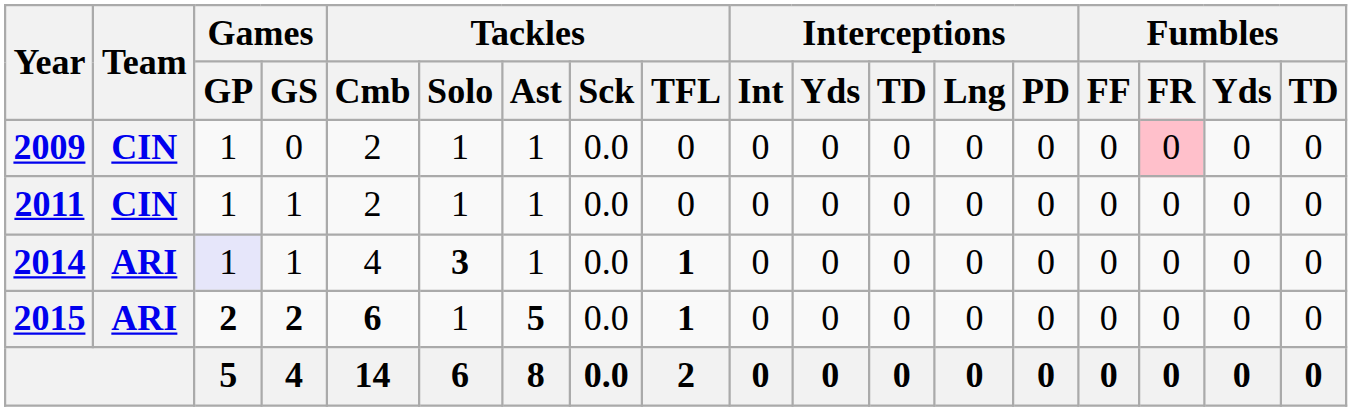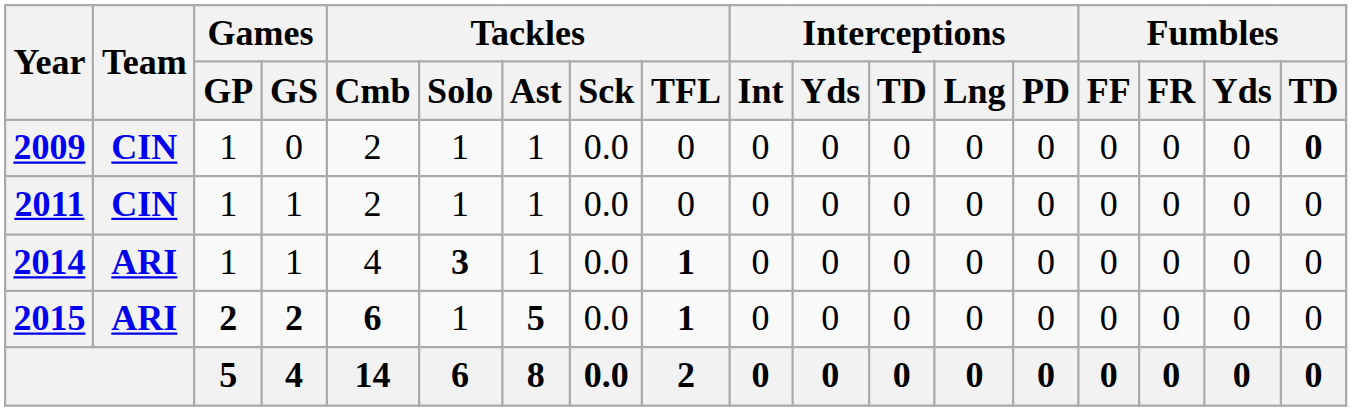 <table class="wikitable" style="text-align:center">
 <tr>
 <th rowspan="2">Year</th>
 <th rowspan="2">Team</th>
 <th colspan="2">Games</th>
 <th colspan="5">Tackles</th>
 <th colspan="5">Interceptions</th>
 <th colspan="4">Fumbles</th>
 </tr>
 <tr>
 <th>GP</th>
 <th>GS</th>
 <th>Cmb</th>
 <th>Solo</th>
 <th>Ast</th>
 <th>Sck</th>
 <th>TFL</th>
 <th>Int</th>
 <th>Yds</th>
 <th>TD</th>
 <th>Lng</th>
 <th>PD</th>
 <th>FF</th>
 <th>FR</th>
 <th>Yds</th>
 <th>TD</th>
 </tr>
 <tr>
 <th><a href='#'>2009</a></th>
 <th><a href='#'>CIN</a></th>
 <td>1</td>
 <td>0</td>
 <td>2</td>
 <td>1</td>
 <td>1</td>
 <td>0.0</td>
 <td>0</td>
 <td>0</td>
 <td>0</td>
 <td>0</td>
 <td>0</td>
 <td>0</td>
 <td>0</td>
-<td style="background: pink;">0</td>
 <td>0</td>
 <td>0</td>
+<td><strong>0</strong></td>
 </tr>
 <tr>
 <th><a href='#'>2011</a></th>
 <th><a href='#'>CIN</a></th>
 <td>1</td>
 <td>1</td>
 <td>2</td>
 <td>1</td>
 <td>1</td>
 <td>0.0</td>
 <td>0</td>
 <td>0</td>
 <td>0</td>
 <td>0</td>
 <td>0</td>
 <td>0</td>
 <td>0</td>
 <td>0</td>
 <td>0</td>
 <td>0</td>
 </tr>
 <tr>
 <th><a href='#'>2014</a></th>
 <th><a href='#'>ARI</a></th>
-<td style="background: lavender;">1</td>
+<td>1</td>
 <td>1</td>
 <td>4</td>
 <td><strong>3</strong></td>
 <td>1</td>
 <td>0.0</td>
 <td><strong>1</strong></td>
 <td>0</td>
 <td>0</td>
 <td>0</td>
 <td>0</td>
 <td>0</td>
 <td>0</td>
 <td>0</td>
 <td>0</td>
 <td>0</td>
 </tr>
 <tr>
 <th><a href='#'>2015</a></th>
 <th><a href='#'>ARI</a></th>
 <td><strong>2</strong></td>
 <td><strong>2</strong></td>
 <td><strong>6</strong></td>
 <td>1</td>
 <td><strong>5</strong></td>
 <td>0.0</td>
 <td><strong>1</strong></td>
 <td>0</td>
 <td>0</td>
 <td>0</td>
 <td>0</td>
 <td>0</td>
 <td>0</td>
 <td>0</td>
 <td>0</td>
 <td>0</td>
 </tr>
 <tr>
 <th colspan="2"></th>
 <th>5</th>
 <th>4</th>
 <th>14</th>
 <th>6</th>
 <th>8</th>
 <th>0.0</th>
 <th>2</th>
 <th>0</th>
 <th>0</th>
 <th>0</th>
 <th>0</th>
 <th>0</th>
 <th>0</th>
 <th>0</th>
 <th>0</th>
 <th>0</th>
 </tr>
 </table>
